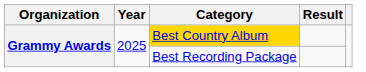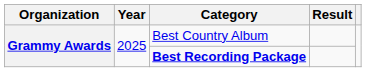 <table class="wikitable sortable plainrowheaders" style="border:none; margin:0;">
 <tr>
 <th scope="col">Organization</th>
 <th scope="col">Year</th>
 <th scope="col">Category</th>
 <th scope="col">Result</th>
 <th scope="col" class="unsortable"></th>
 </tr>
 <tr>
 <th scope="row" rowspan="2"><a href='#'>Grammy Awards</a></th>
 <td rowspan="2"><a href='#'>2025</a></td>
-<td style="background: gold;"><a href='#'>Best Country Album</a></td>
+<td><a href='#'>Best Country Album</a></td>
 <td></td>
 <td style="text-align:center;" rowspan="2"></td>
 </tr>
 <tr>
-<td><a href='#'>Best Recording Package</a></td>
+<td><strong><a href='#'>Best Recording Package</a></strong></td>
 <td></td>
 </tr>
 <tr>
 </tr>
 </table>
